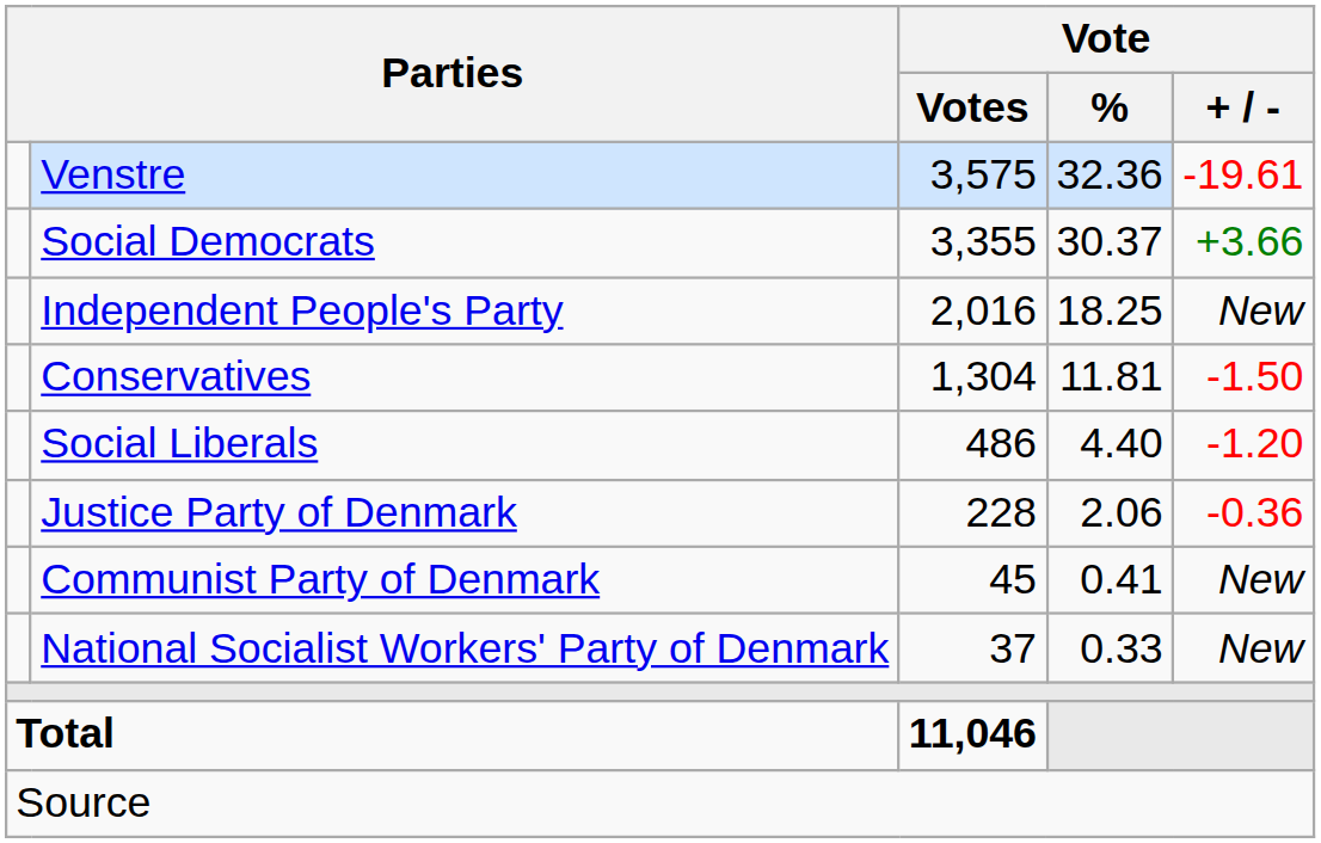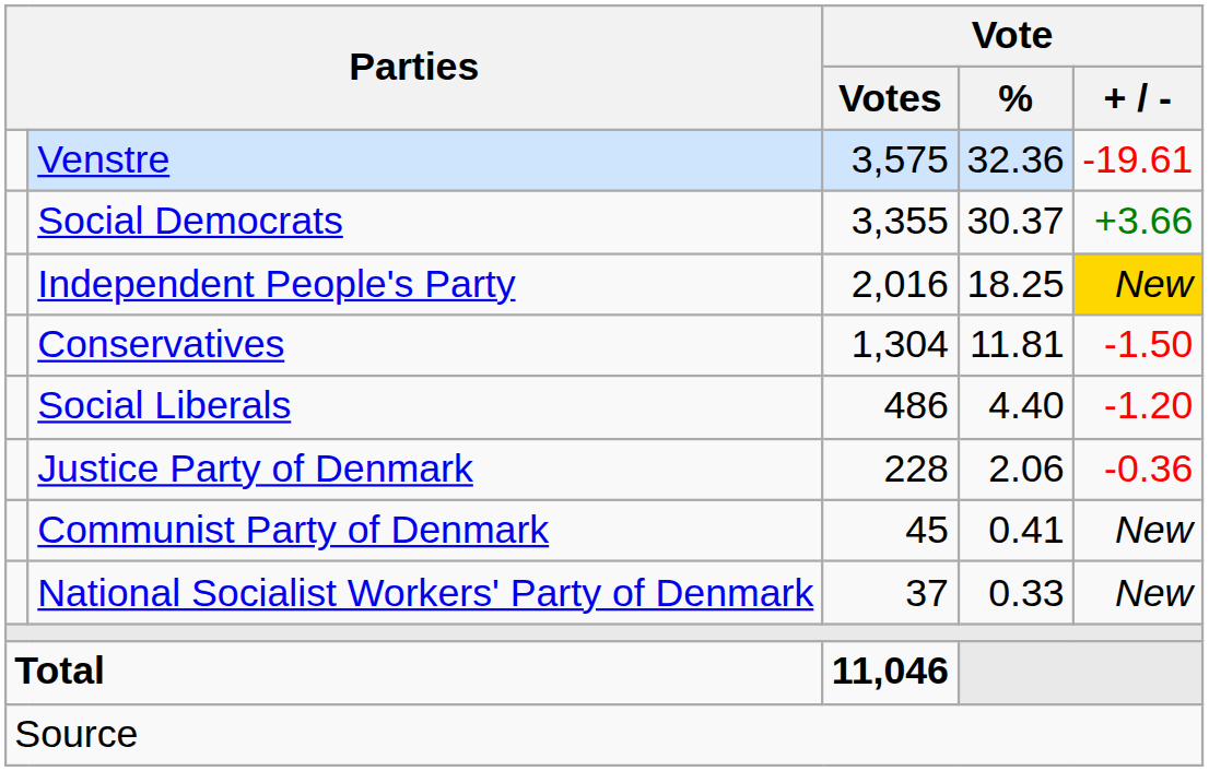 <table class="wikitable" style="text-align:right;">
 <tr>
 <th style="text-align:centre;" rowspan="2" colspan="2" width="225">Parties</th>
 <th colspan="3">Vote</th>
 </tr>
 <tr>
 <th width="15">Votes</th>
 <th width="15">%</th>
 <th width="15">+ / -</th>
 </tr>
 <tr>
 <td width="2" style="color:inherit;background:"></td>
 <td bgcolor=#cfe5fe  align="left"><a href='#'>Venstre</a></td>
 <td bgcolor=#cfe5fe>3,575</td>
 <td bgcolor=#cfe5fe>32.36</td>
 <td style=color:red;>-19.61</td>
 </tr>
 <tr>
 <td width="2" style="color:inherit;background:"></td>
 <td align="left"><a href='#'>Social Democrats</a></td>
 <td>3,355</td>
 <td>30.37</td>
 <td style=color:green;>+3.66</td>
 </tr>
 <tr>
 <td width="2" style="color:inherit;background:"></td>
 <td align="left"><a href='#'>Independent People's Party</a></td>
 <td>2,016</td>
 <td>18.25</td>
-<td><em>New</em></td>
+<td style="background: gold;"><em>New</em></td>
 </tr>
 <tr>
 <td width="2" style="color:inherit;background:"></td>
 <td align="left"><a href='#'>Conservatives</a></td>
 <td>1,304</td>
 <td>11.81</td>
 <td style=color:red;>-1.50</td>
 </tr>
 <tr>
 <td width="2" style="color:inherit;background:"></td>
 <td align="left"><a href='#'>Social Liberals</a></td>
 <td>486</td>
 <td>4.40</td>
 <td style=color:red;>-1.20</td>
 </tr>
 <tr>
 <td width="2" style="color:inherit;background:"></td>
 <td align="left"><a href='#'>Justice Party of Denmark</a></td>
 <td>228</td>
 <td>2.06</td>
 <td style=color:red;>-0.36</td>
 </tr>
 <tr>
 <td width="2" style="color:inherit;background:"></td>
 <td align="left"><a href='#'>Communist Party of Denmark</a></td>
 <td>45</td>
 <td>0.41</td>
 <td><em>New</em></td>
 </tr>
 <tr>
 <td width="2" style="color:inherit;background:"></td>
 <td align="left"><a href='#'>National Socialist Workers' Party of Denmark</a></td>
 <td>37</td>
 <td>0.33</td>
 <td><em>New</em></td>
 </tr>
 <tr>
 <td colspan="7" bgcolor="#E9E9E9"></td>
 </tr>
 <tr>
 <td align="left" colspan="2"><strong>Total</strong></td>
 <td><strong>11,046</strong></td>
 <td bgcolor="#E9E9E9" colspan="2"></td>
 </tr>
 <tr>
 <td align="left" colspan="6">Source</td>
 </tr>
 </table>
